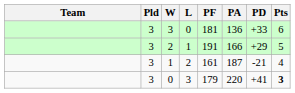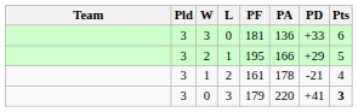 <table class="wikitable" style="text-align:center;">
 <tr>
 <th width=200>Team</th>
 <th width=20>Pld</th>
 <th width=20>W</th>
 <th width=20>L</th>
 <th width=30>PF</th>
 <th width=30>PA</th>
 <th width=30>PD</th>
 <th width=20>Pts</th>
 </tr>
 <tr bgcolor=ccffcc>
 <td align=left></td>
 <td>3</td>
 <td>3</td>
 <td>0</td>
 <td>181</td>
 <td>136</td>
 <td>+33</td>
 <td>6</td>
 </tr>
 <tr bgcolor=ccffcc>
 <td align=left></td>
 <td>3</td>
 <td>2</td>
 <td>1</td>
-<td>191</td>
+<td>195</td>
 <td>166</td>
 <td>+29</td>
 <td>5</td>
 </tr>
 <tr>
 <td align=left></td>
 <td>3</td>
 <td>1</td>
 <td>2</td>
 <td>161</td>
-<td>187</td>
+<td>178</td>
 <td>-21</td>
 <td>4</td>
 </tr>
 <tr>
 <td align=left></td>
 <td>3</td>
 <td>0</td>
 <td>3</td>
 <td>179</td>
 <td>220</td>
 <td>+41</td>
 <td><strong>3</strong></td>
 </tr>
 </table>
